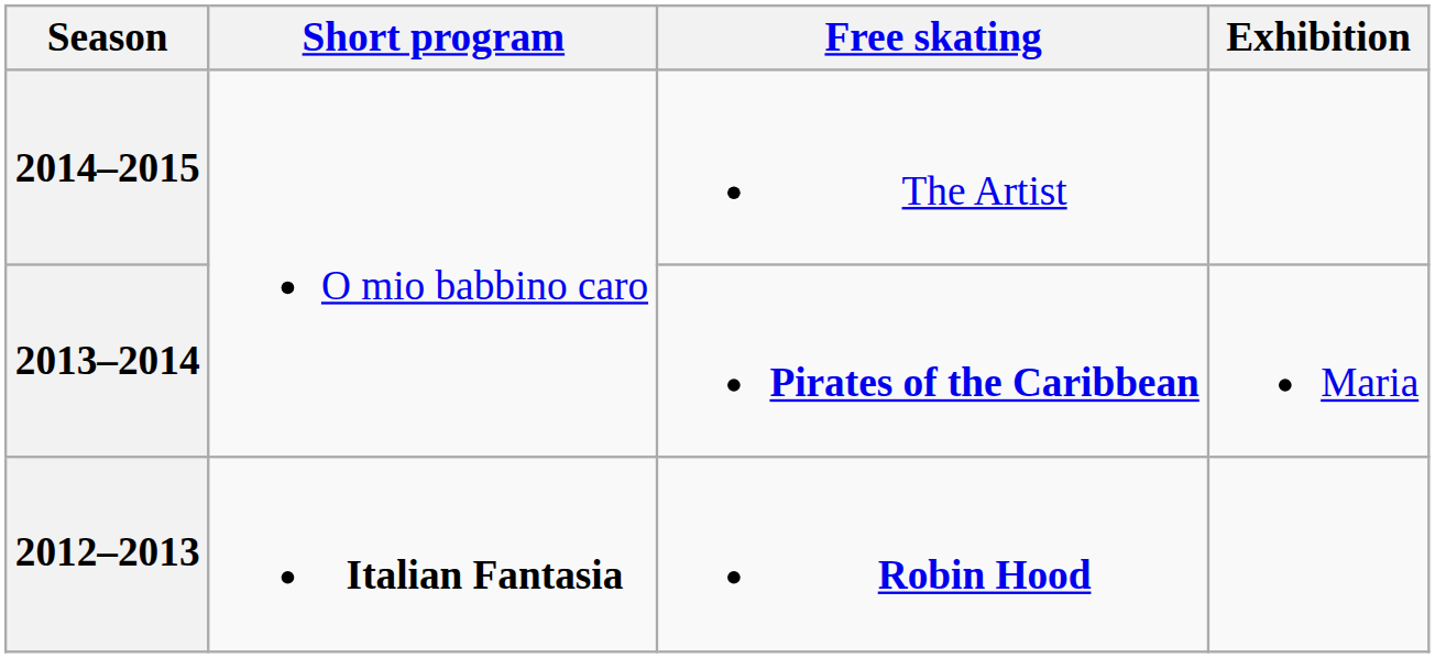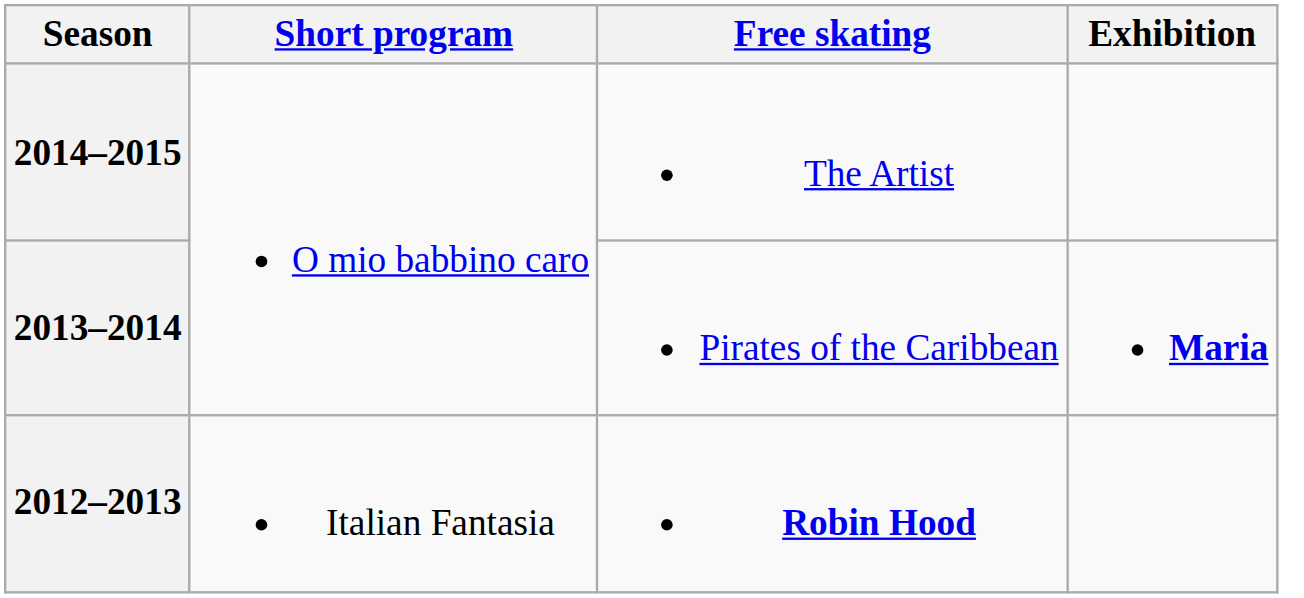 <table class=wikitable style=text-align:center>
 <tr>
 <th>Season</th>
 <th><a href='#'>Short program</a></th>
 <th><a href='#'>Free skating</a></th>
 <th>Exhibition</th>
 </tr>
 <tr>
 <th>2014–2015 <br> </th>
 <td rowspan="2"><br><ul><li><a href='#'>O mio babbino caro</a> <br></li></ul></td>
 <td><br><ul><li><a href='#'>The Artist</a> <br></li></ul></td>
 <td></td>
 </tr>
 <tr>
 <th>2013–2014 <br> </th>
-<td><strong><br><ul><li><a href='#'>Pirates of the Caribbean</a> <br></li></ul></strong></td>
-<td><br><ul><li><a href='#'>Maria</a> <br></li></ul></td>
+<td><br><ul><li><a href='#'>Pirates of the Caribbean</a> <br></li></ul></td>
+<td><strong><br><ul><li><a href='#'>Maria</a> <br></li></ul></strong></td>
 </tr>
 <tr>
 <th>2012–2013 <br> </th>
-<td><strong><br><ul><li>Italian Fantasia <br></li></ul></strong></td>
+<td><br><ul><li>Italian Fantasia <br></li></ul></td>
 <td><strong><br><ul><li><a href='#'>Robin Hood</a> <br></li></ul></strong></td>
 <td></td>
 </tr>
 </table>
